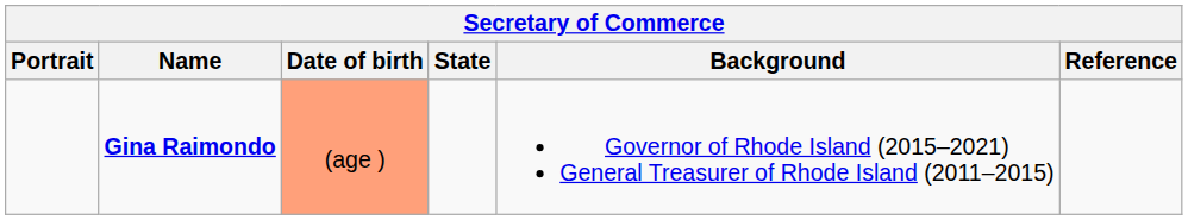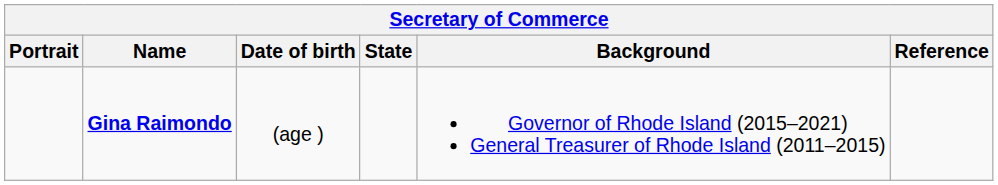 <table class="wikitable collapsible" style="text-align:center;">
 <tr>
 <th colspan="6"><a href='#'>Secretary of Commerce</a></th>
 </tr>
 <tr>
 <th>Portrait</th>
 <th>Name</th>
 <th>Date of birth</th>
 <th>State</th>
 <th>Background</th>
 <th>Reference</th>
 </tr>
 <tr>
 <td></td>
 <td><strong><a href='#'>Gina Raimondo</a></strong></td>
-<td style="background: lightsalmon;"><br>(age )</td>
+<td><br>(age )</td>
 <td></td>
 <td><br><ul><li><a href='#'>Governor of Rhode Island</a> (2015–2021)</li><li><a href='#'>General Treasurer of Rhode Island</a> (2011–2015)</li></ul></td>
 <td></td>
 </tr>
 </table>
